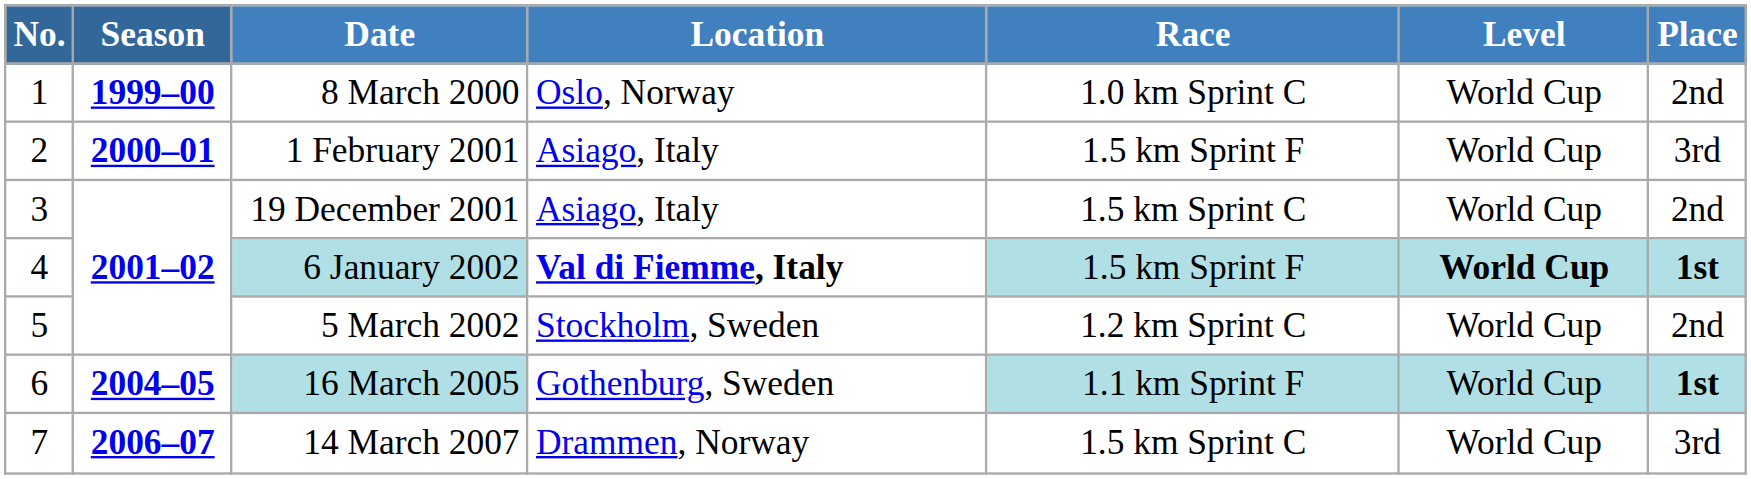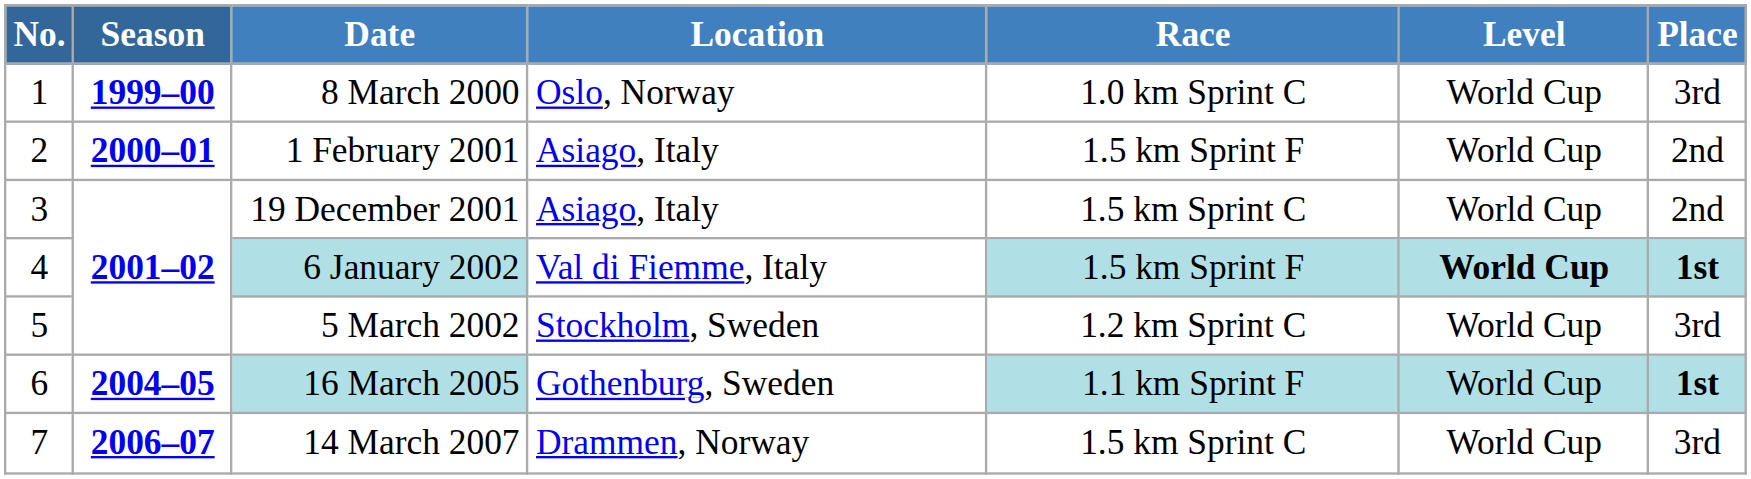 <table class="wikitable sortable" style="font-size:95%; text-align:center; border:grey solid 1px; border-collapse:collapse; background:#ffffff;">
 <tr style="background:#efefef;">
 <th style="background-color:#369; color:white;">No.</th>
 <th style="background-color:#369; color:white;">Season</th>
 <th style="background-color:#4180be; color:white; width:120px;">Date</th>
 <th style="background-color:#4180be; color:white; width:190px;">Location</th>
 <th style="background-color:#4180be; color:white; width:170px;">Race</th>
 <th style="background-color:#4180be; color:white; width:100px;">Level</th>
 <th style="background-color:#4180be; color:white;">Place</th>
 </tr>
 <tr>
 <td align=center>1</td>
 <td rowspan=1 align=center><strong> <a href='#'>1999–00</a> </strong></td>
 <td align=right>8 March 2000</td>
 <td align=left> <a href='#'>Oslo</a>, Norway</td>
 <td>1.0 km Sprint C</td>
 <td>World Cup</td>
-<td>2nd</td>
+<td>3rd</td>
 </tr>
 <tr>
 <td align=center>2</td>
 <td rowspan=1 align=center><strong> <a href='#'>2000–01</a> </strong></td>
 <td align=right>1 February 2001</td>
 <td align=left> <a href='#'>Asiago</a>, Italy</td>
 <td>1.5 km Sprint F</td>
 <td>World Cup</td>
-<td>3rd</td>
+<td>2nd</td>
 </tr>
 <tr>
 <td align=center>3</td>
 <td rowspan=3 align=center><strong> <a href='#'>2001–02</a> </strong></td>
 <td align=right>19 December 2001</td>
 <td align=left> <a href='#'>Asiago</a>, Italy</td>
 <td>1.5 km Sprint C</td>
 <td>World Cup</td>
 <td>2nd</td>
 </tr>
 <tr>
 <td align=center>4</td>
 <td bgcolor="#BOEOE6" align=right>6 January 2002</td>
-<td align=left><strong> <a href='#'>Val di Fiemme</a>, Italy</strong></td>
+<td align=left> <a href='#'>Val di Fiemme</a>, Italy</td>
 <td bgcolor="#BOEOE6" align=center>1.5 km Sprint F</td>
 <td bgcolor="#BOEOE6"><strong>World Cup</strong></td>
 <td bgcolor="#BOEOE6"><strong>1st</strong></td>
 </tr>
 <tr>
 <td align=center>5</td>
 <td align=right>5 March 2002</td>
 <td align=left> <a href='#'>Stockholm</a>, Sweden</td>
 <td>1.2 km Sprint C</td>
 <td>World Cup</td>
-<td>2nd</td>
+<td>3rd</td>
 </tr>
 <tr>
 <td align=center>6</td>
 <td rowspan=1 align=center><strong><a href='#'>2004–05</a></strong></td>
 <td bgcolor="#BOEOE6" align=right>16 March 2005</td>
 <td align=left> <a href='#'>Gothenburg</a>, Sweden</td>
 <td bgcolor="#BOEOE6">1.1 km Sprint F</td>
 <td bgcolor="#BOEOE6">World Cup</td>
 <td bgcolor="#BOEOE6"><strong>1st</strong></td>
 </tr>
 <tr>
 <td align=center>7</td>
 <td rowspan=1 align=center><strong> <a href='#'>2006–07</a> </strong></td>
 <td align=right>14 March 2007</td>
 <td align=left> <a href='#'>Drammen</a>, Norway</td>
 <td>1.5 km Sprint C</td>
 <td>World Cup</td>
 <td>3rd</td>
 </tr>
 </table>
